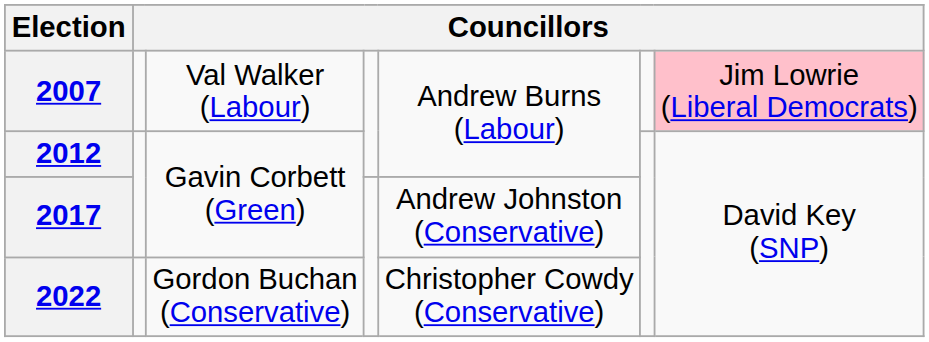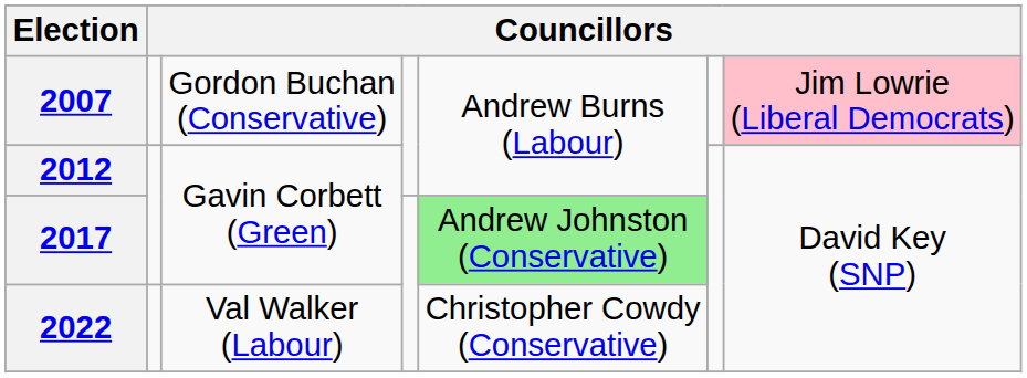 <table class="wikitable" style="text-align:center">
 <tr>
 <th>Election</th>
 <th colspan=6>Councillors</th>
 </tr>
 <tr>
 <th><a href='#'>2007</a></th>
 <td style="background-color: "></td>
-<td rowspan=1>Val Walker<br>(<a href='#'>Labour</a>)</td>
+<td>Gordon Buchan<br>(<a href='#'>Conservative</a>)</td>
 <td rowspan=2; style="background-color: "></td>
 <td rowspan=2>Andrew Burns<br>(<a href='#'>Labour</a>)</td>
 <td style="background-color: "></td>
 <td style="background: pink;">Jim Lowrie<br>(<a href='#'>Liberal Democrats</a>)</td>
 </tr>
 <tr>
 <th><a href='#'>2012</a></th>
 <td rowspan=2; style="background-color: "></td>
 <td rowspan=2>Gavin Corbett<br>(<a href='#'>Green</a>)</td>
 <td rowspan=3; style="background-color: "></td>
 <td rowspan=3>David Key<br>(<a href='#'>SNP</a>)</td>
 </tr>
 <tr>
 <th><a href='#'>2017</a></th>
 <td rowspan=2; style="background-color: "></td>
-<td>Andrew Johnston<br>(<a href='#'>Conservative</a>)</td>
+<td style="background: lightgreen;">Andrew Johnston<br>(<a href='#'>Conservative</a>)</td>
 </tr>
 <tr>
 <th><a href='#'>2022</a></th>
 <td rowspan=1; style="background-color: "></td>
-<td>Gordon Buchan<br>(<a href='#'>Conservative</a>)</td>
+<td rowspan=1>Val Walker<br>(<a href='#'>Labour</a>)</td>
 <td>Christopher Cowdy<br>(<a href='#'>Conservative</a>)</td>
 </tr>
 </table>
